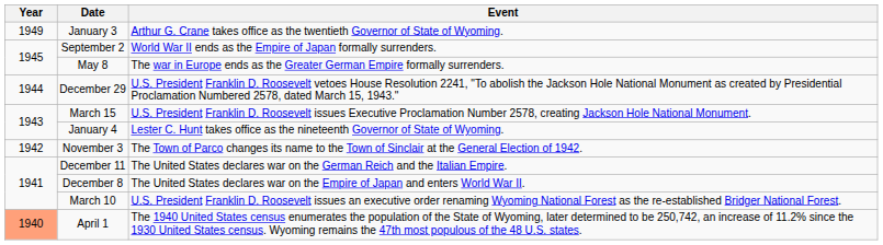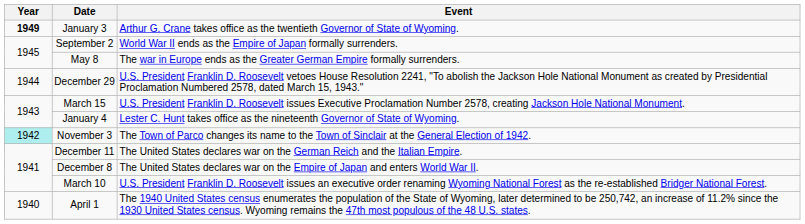 <table class="wikitable" style="width:100%;">
 <tr>
 <th style="width:6%">Year</th>
 <th style="width:8%">Date</th>
 <th style="width:86%">Event</th>
 </tr>
 <tr>
-<td align=center rowspan=1>1949</td>
+<td align=center rowspan=1><strong>1949</strong></td>
 <td align=center>January 3</td>
 <td><a href='#'>Arthur G. Crane</a> takes office as the twentieth <a href='#'>Governor of State of Wyoming</a>.</td>
 </tr>
 <tr>
 <td align=center rowspan=2>1945</td>
 <td align=center>September 2</td>
 <td><a href='#'>World War II</a> ends as the <a href='#'>Empire of Japan</a> formally surrenders.</td>
 </tr>
 <tr>
 <td align=center>May 8</td>
 <td>The <a href='#'>war in Europe</a> ends as the <a href='#'>Greater German Empire</a> formally surrenders.</td>
 </tr>
 <tr>
 <td align=center rowspan=1>1944</td>
 <td align=center>December 29</td>
 <td><a href='#'>U.S. President</a> <a href='#'>Franklin D. Roosevelt</a> vetoes House Resolution 2241, "To abolish the Jackson Hole National Monument as created by Presidential Proclamation Numbered 2578, dated March 15, 1943."</td>
 </tr>
 <tr>
 <td align=center rowspan=2>1943</td>
 <td align=center>March 15</td>
 <td><a href='#'>U.S. President</a> <a href='#'>Franklin D. Roosevelt</a> issues Executive Proclamation Number 2578, creating <a href='#'>Jackson Hole National Monument</a>.</td>
 </tr>
 <tr>
 <td align=center>January 4</td>
 <td><a href='#'>Lester C. Hunt</a> takes office as the nineteenth <a href='#'>Governor of State of Wyoming</a>.</td>
 </tr>
 <tr>
-<td align=center rowspan=1>1942</td>
+<td align=center rowspan=1 style="background: paleturquoise;">1942</td>
 <td align=center>November 3</td>
 <td>The <a href='#'>Town of Parco</a> changes its name to the <a href='#'>Town of Sinclair</a> at the <a href='#'>General Election of 1942</a>.</td>
 </tr>
 <tr>
 <td align=center rowspan=3>1941</td>
 <td align=center>December 11</td>
 <td>The United States declares war on the <a href='#'>German Reich</a> and the <a href='#'>Italian Empire</a>.</td>
 </tr>
 <tr>
 <td align=center>December 8</td>
 <td>The United States declares war on the <a href='#'>Empire of Japan</a> and enters <a href='#'>World War II</a>.</td>
 </tr>
 <tr>
 <td align=center>March 10</td>
 <td><a href='#'>U.S. President</a> <a href='#'>Franklin D. Roosevelt</a> issues an executive order renaming <a href='#'>Wyoming National Forest</a> as the re-established <a href='#'>Bridger National Forest</a>.</td>
 </tr>
 <tr>
-<td align=center rowspan=1 style="background: lightsalmon;">1940</td>
+<td align=center rowspan=1>1940</td>
 <td align=center>April 1</td>
 <td>The <a href='#'>1940 United States census</a> enumerates the population of the State of Wyoming, later determined to be 250,742, an increase of 11.2% since the <a href='#'>1930 United States census</a>. Wyoming remains the <a href='#'>47th most populous of the 48 U.S. states</a>.</td>
 </tr>
 </table>
